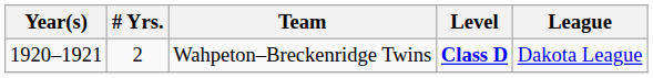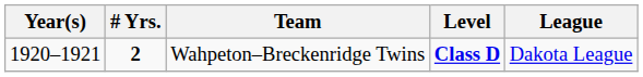 <table class="wikitable" style="text-align:center; font-size: 95%;">
 <tr>
 <th>Year(s)</th>
 <th># Yrs.</th>
 <th>Team</th>
 <th>Level</th>
 <th>League</th>
 </tr>
 <tr>
 <td>1920–1921</td>
-<td>2</td>
+<td><strong>2</strong></td>
 <td>Wahpeton–Breckenridge Twins</td>
 <td><strong><a href='#'>Class D</a></strong></td>
 <td><a href='#'>Dakota League</a></td>
 </tr>
 <tr>
 </tr>
 </table>
